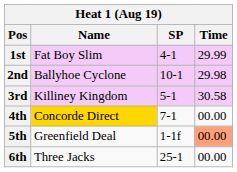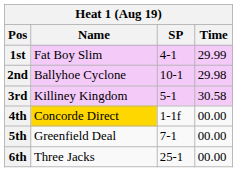 <table class="wikitable">
 <tr>
 <th colspan="6">Heat 1 (Aug 19)</th>
 </tr>
 <tr>
 <th width=20>Pos</th>
 <th width=150>Name</th>
 <th width=40>SP</th>
 <th width=40>Time</th>
 </tr>
 <tr style="background: #f4caf9;">
 <th>1st</th>
 <td>Fat Boy Slim</td>
 <td>4-1</td>
 <td>29.99</td>
 </tr>
 <tr style="background: #f4caf9;">
 <th>2nd</th>
 <td>Ballyhoe Cyclone</td>
 <td>10-1</td>
 <td>29.98</td>
 </tr>
 <tr style="background: #f4caf9;">
 <th>3rd</th>
 <td>Killiney Kingdom</td>
 <td>5-1</td>
 <td>30.58</td>
 </tr>
 <tr>
 <th>4th</th>
 <td style="background: gold;">Concorde Direct</td>
-<td>7-1</td>
+<td>1-1f</td>
 <td>00.00</td>
 </tr>
 <tr>
 <th>5th</th>
 <td>Greenfield Deal</td>
-<td>1-1f</td>
-<td style="background: lightsalmon;">00.00</td>
+<td>7-1</td>
+<td>00.00</td>
 </tr>
 <tr>
 <th>6th</th>
 <td>Three Jacks</td>
 <td>25-1</td>
 <td>00.00</td>
 </tr>
 </table>
